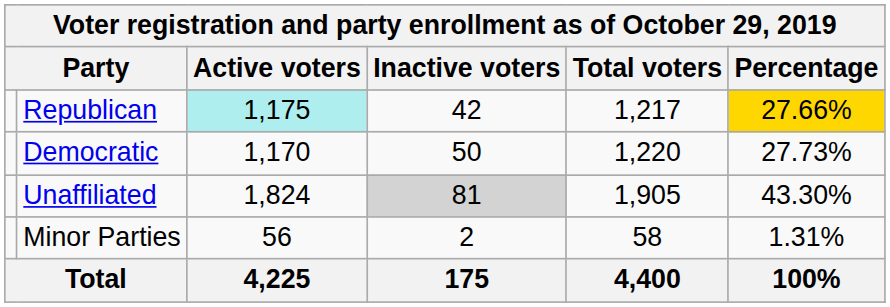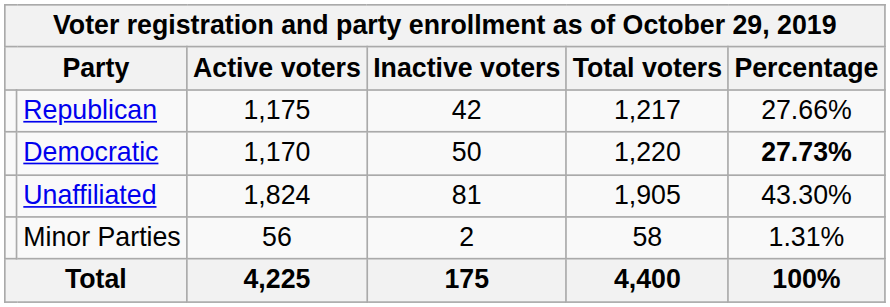 <table class=wikitable>
 <tr>
 <th colspan = 6>Voter registration and party enrollment as of October 29, 2019</th>
 </tr>
 <tr>
 <th colspan = 2>Party</th>
 <th>Active voters</th>
 <th>Inactive voters</th>
 <th>Total voters</th>
 <th>Percentage</th>
 </tr>
 <tr>
 <td></td>
 <td><a href='#'>Republican</a></td>
-<td align = center style="background: paleturquoise;">1,175</td>
+<td align = center>1,175</td>
 <td align = center>42</td>
 <td align = center>1,217</td>
-<td align = center style="background: gold;">27.66%</td>
+<td align = center>27.66%</td>
 </tr>
 <tr>
 <td></td>
 <td><a href='#'>Democratic</a></td>
 <td align = center>1,170</td>
 <td align = center>50</td>
 <td align = center>1,220</td>
-<td align = center>27.73%</td>
+<td align = center><strong>27.73%</strong></td>
 </tr>
 <tr>
 <td></td>
 <td><a href='#'>Unaffiliated</a></td>
 <td align = center>1,824</td>
-<td align = center style="background: lightgrey;">81</td>
+<td align = center>81</td>
 <td align = center>1,905</td>
 <td align = center>43.30%</td>
 </tr>
 <tr>
 <td></td>
 <td>Minor Parties</td>
 <td align = center>56</td>
 <td align = center>2</td>
 <td align = center>58</td>
 <td align = center>1.31%</td>
 </tr>
 <tr>
 <th colspan = 2>Total</th>
 <th align = center>4,225</th>
 <th align = center>175</th>
 <th align = center>4,400</th>
 <th align = center>100%</th>
 </tr>
 </table>
